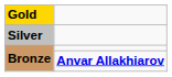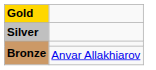 <table class="wikitable">
 <tr>
 <td bgcolor="gold"><strong>Gold</strong></td>
 <td></td>
 </tr>
 <tr>
 <td bgcolor="silver"><strong>Silver</strong></td>
 <td></td>
 </tr>
 <tr>
 <td rowspan="2" bgcolor="#cc9966"><strong>Bronze</strong></td>
 <td></td>
 </tr>
 <tr>
-<td {{flagathlete><strong> <a href='#'>Anvar Allakhiarov</a> </strong></td>
+<td {{flagathlete> <a href='#'>Anvar Allakhiarov</a> </td>
 </tr>
 </table>
